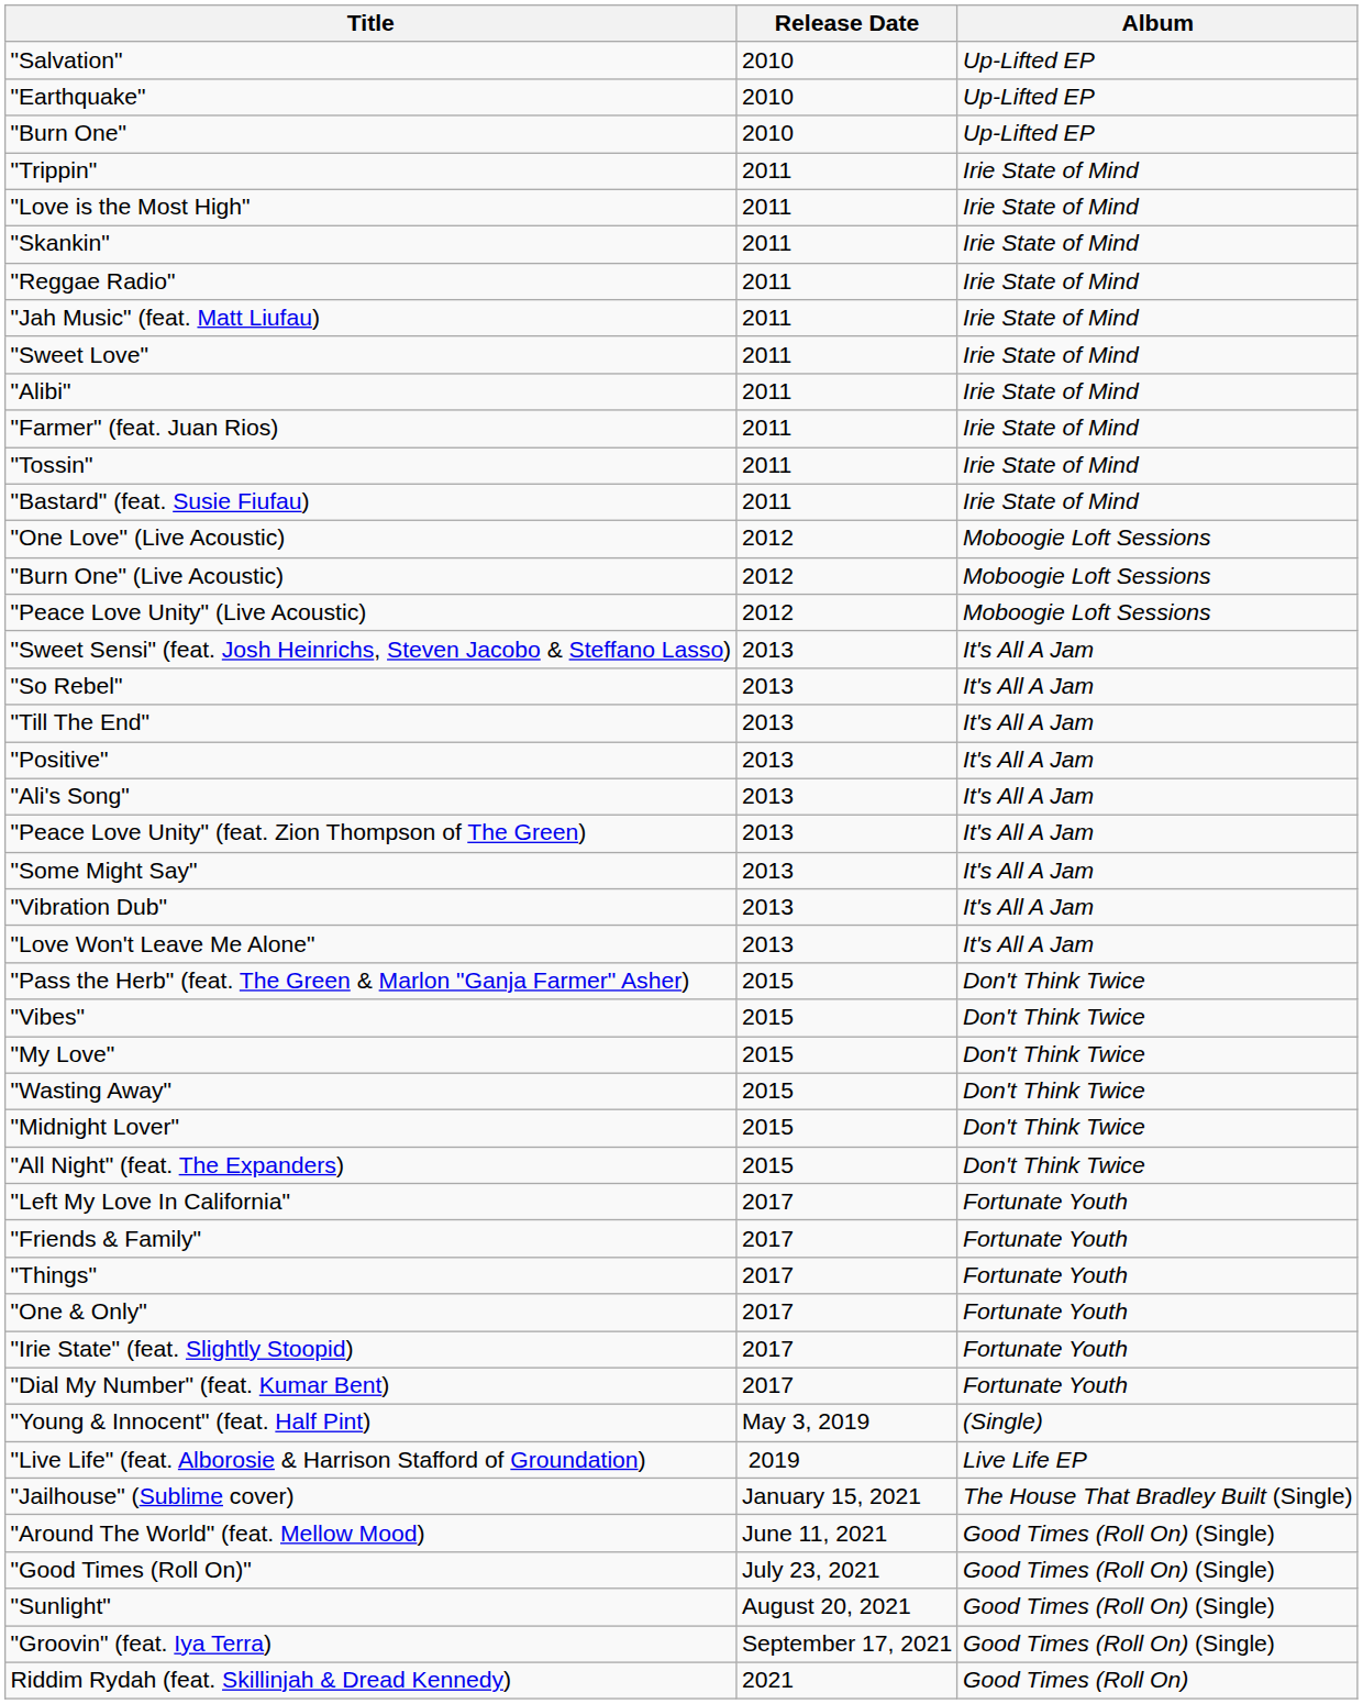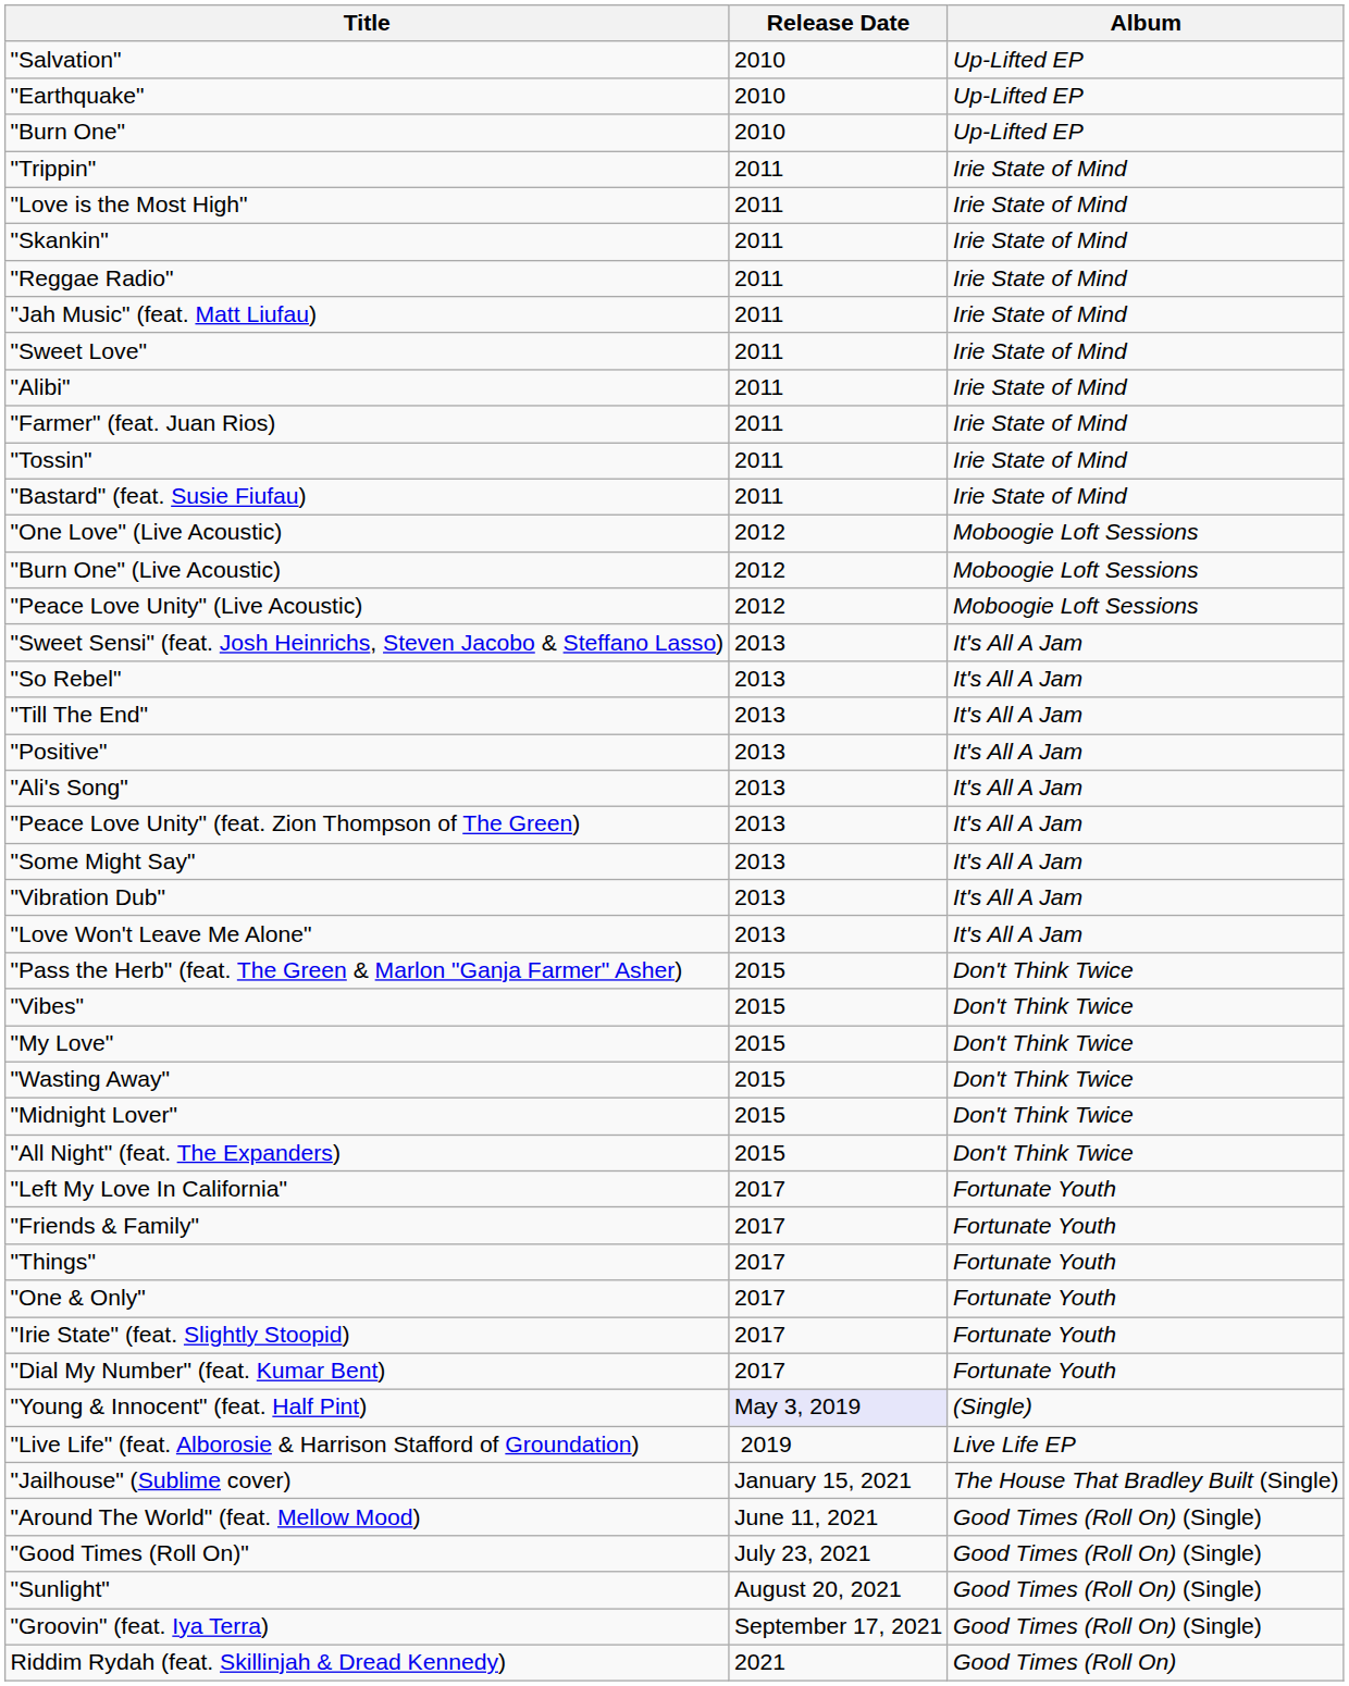 <table class="wikitable">
 <tr>
 <th>Title</th>
 <th>Release Date</th>
 <th>Album</th>
 </tr>
 <tr>
 <td>"Salvation"</td>
 <td>2010</td>
 <td><em>Up-Lifted EP</em></td>
 </tr>
 <tr>
 <td>"Earthquake"</td>
 <td>2010</td>
 <td><em>Up-Lifted EP</em></td>
 </tr>
 <tr>
 <td>"Burn One"</td>
 <td>2010</td>
 <td><em>Up-Lifted EP</em></td>
 </tr>
 <tr>
 <td>"Trippin"</td>
 <td>2011</td>
 <td><em>Irie State of Mind</em></td>
 </tr>
 <tr>
 <td>"Love is the Most High"</td>
 <td>2011</td>
 <td><em>Irie State of Mind</em></td>
 </tr>
 <tr>
 <td>"Skankin"</td>
 <td>2011</td>
 <td><em>Irie State of Mind</em></td>
 </tr>
 <tr>
 <td>"Reggae Radio"</td>
 <td>2011</td>
 <td><em>Irie State of Mind</em></td>
 </tr>
 <tr>
 <td>"Jah Music" (feat. <a href='#'>Matt Liufau</a>)</td>
 <td>2011</td>
 <td><em>Irie State of Mind</em></td>
 </tr>
 <tr>
 <td>"Sweet Love"</td>
 <td>2011</td>
 <td><em>Irie State of Mind</em></td>
 </tr>
 <tr>
 <td>"Alibi"</td>
 <td>2011</td>
 <td><em>Irie State of Mind</em></td>
 </tr>
 <tr>
 <td>"Farmer" (feat. Juan Rios)</td>
 <td>2011</td>
 <td><em>Irie State of Mind</em></td>
 </tr>
 <tr>
 <td>"Tossin"</td>
 <td>2011</td>
 <td><em>Irie State of Mind</em></td>
 </tr>
 <tr>
 <td>"Bastard" (feat. <a href='#'>Susie Fiufau</a>)</td>
 <td>2011</td>
 <td><em>Irie State of Mind</em></td>
 </tr>
 <tr>
 <td>"One Love" (Live Acoustic)</td>
 <td>2012</td>
 <td><em>Moboogie Loft Sessions</em></td>
 </tr>
 <tr>
 <td>"Burn One" (Live Acoustic)</td>
 <td>2012</td>
 <td><em>Moboogie Loft Sessions</em></td>
 </tr>
 <tr>
 <td>"Peace Love Unity" (Live Acoustic)</td>
 <td>2012</td>
 <td><em>Moboogie Loft Sessions</em></td>
 </tr>
 <tr>
 <td>"Sweet Sensi" (feat. <a href='#'>Josh Heinrichs</a>, <a href='#'>Steven Jacobo</a> & <a href='#'>Steffano Lasso</a>)</td>
 <td>2013</td>
 <td><em>It's All A Jam</em></td>
 </tr>
 <tr>
 <td>"So Rebel"</td>
 <td>2013</td>
 <td><em>It's All A Jam</em></td>
 </tr>
 <tr>
 <td>"Till The End"</td>
 <td>2013</td>
 <td><em>It's All A Jam</em></td>
 </tr>
 <tr>
 <td>"Positive"</td>
 <td>2013</td>
 <td><em>It's All A Jam</em></td>
 </tr>
 <tr>
 <td>"Ali's Song"</td>
 <td>2013</td>
 <td><em>It's All A Jam</em></td>
 </tr>
 <tr>
 <td>"Peace Love Unity" (feat. Zion Thompson of <a href='#'>The Green</a>)</td>
 <td>2013</td>
 <td><em>It's All A Jam</em></td>
 </tr>
 <tr>
 <td>"Some Might Say"</td>
 <td>2013</td>
 <td><em>It's All A Jam</em></td>
 </tr>
 <tr>
 <td>"Vibration Dub"</td>
 <td>2013</td>
 <td><em>It's All A Jam</em></td>
 </tr>
 <tr>
 <td>"Love Won't Leave Me Alone"</td>
 <td>2013</td>
 <td><em>It's All A Jam</em></td>
 </tr>
 <tr>
 <td>"Pass the Herb" (feat. <a href='#'>The Green</a> & <a href='#'>Marlon "Ganja Farmer" Asher</a>)</td>
 <td>2015</td>
 <td><em>Don't Think Twice</em></td>
 </tr>
 <tr>
 <td>"Vibes"</td>
 <td>2015</td>
 <td><em>Don't Think Twice</em></td>
 </tr>
 <tr>
 <td>"My Love"</td>
 <td>2015</td>
 <td><em>Don't Think Twice</em></td>
 </tr>
 <tr>
 <td>"Wasting Away"</td>
 <td>2015</td>
 <td><em>Don't Think Twice</em></td>
 </tr>
 <tr>
 <td>"Midnight Lover"</td>
 <td>2015</td>
 <td><em>Don't Think Twice</em></td>
 </tr>
 <tr>
 <td>"All Night" (feat. <a href='#'>The Expanders</a>)</td>
 <td>2015</td>
 <td><em>Don't Think Twice</em></td>
 </tr>
 <tr>
 <td>"Left My Love In California"</td>
 <td>2017</td>
 <td><em>Fortunate Youth</em></td>
 </tr>
 <tr>
 <td>"Friends & Family"</td>
 <td>2017</td>
 <td><em>Fortunate Youth</em></td>
 </tr>
 <tr>
 <td>"Things"</td>
 <td>2017</td>
 <td><em>Fortunate Youth</em></td>
 </tr>
 <tr>
 <td>"One & Only"</td>
 <td>2017</td>
 <td><em>Fortunate Youth</em></td>
 </tr>
 <tr>
 <td>"Irie State" (feat. <a href='#'>Slightly Stoopid</a>)</td>
 <td>2017</td>
 <td><em>Fortunate Youth</em></td>
 </tr>
 <tr>
 <td>"Dial My Number" (feat. <a href='#'>Kumar Bent</a>)</td>
 <td>2017</td>
 <td><em>Fortunate Youth</em></td>
 </tr>
 <tr>
 <td>"Young & Innocent" (feat. <a href='#'>Half Pint</a>)</td>
-<td>May 3, 2019</td>
+<td style="background: lavender;">May 3, 2019</td>
 <td><em>(Single)</em></td>
 </tr>
 <tr>
 <td>"Live Life" (feat. <a href='#'>Alborosie</a> & Harrison Stafford of <a href='#'>Groundation</a>)</td>
 <td> 2019</td>
 <td><em>Live Life EP</em></td>
 </tr>
 <tr>
 <td>"Jailhouse" (<a href='#'>Sublime</a> cover)</td>
 <td>January 15, 2021</td>
 <td><em>The House That Bradley Built</em> (Single)</td>
 </tr>
 <tr>
 <td>"Around The World" (feat. <a href='#'>Mellow Mood</a>)</td>
 <td>June 11, 2021</td>
 <td><em>Good Times (Roll On)</em> (Single)</td>
 </tr>
 <tr>
 <td>"Good Times (Roll On)"</td>
 <td>July 23, 2021</td>
 <td><em>Good Times (Roll On)</em> (Single)</td>
 </tr>
 <tr>
 <td>"Sunlight"</td>
 <td>August 20, 2021</td>
 <td><em>Good Times (Roll On)</em> (Single)</td>
 </tr>
 <tr>
 <td>"Groovin" (feat. <a href='#'>Iya Terra</a>)</td>
 <td>September 17, 2021</td>
 <td><em>Good Times (Roll On)</em> (Single)</td>
 </tr>
 <tr>
 <td>Riddim Rydah (feat. <a href='#'>Skillinjah & Dread Kennedy</a>)</td>
 <td>2021</td>
 <td><em>Good Times (Roll On)</em></td>
 </tr>
 </table>
